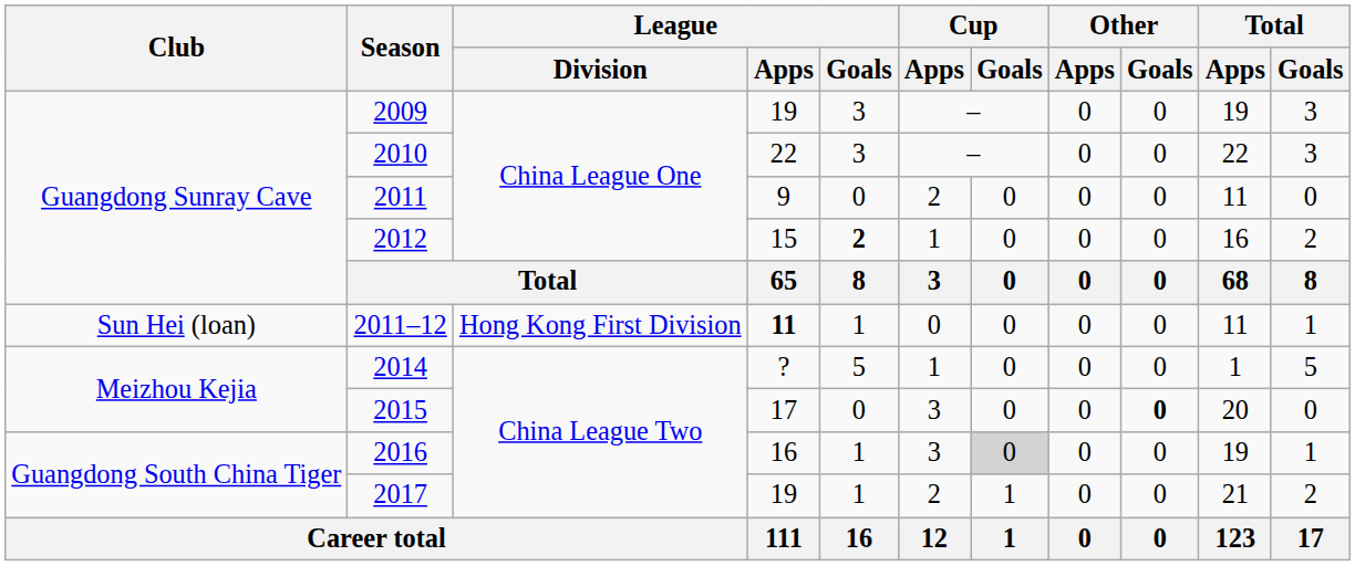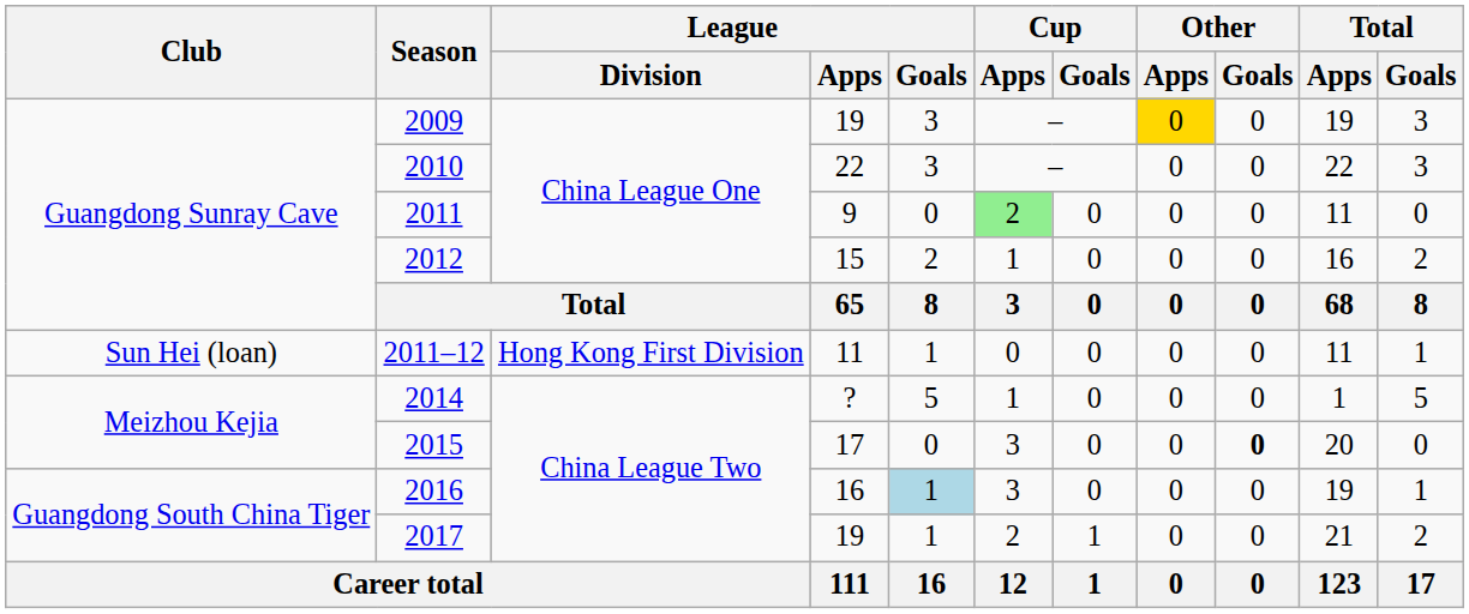 <table class="wikitable" style="text-align: center">
 <tr>
 <th rowspan="2">Club</th>
 <th rowspan="2">Season</th>
 <th colspan="3">League</th>
 <th colspan="2">Cup</th>
 <th colspan="2">Other</th>
 <th colspan="2">Total</th>
 </tr>
 <tr>
 <th>Division</th>
 <th>Apps</th>
 <th>Goals</th>
 <th>Apps</th>
 <th>Goals</th>
 <th>Apps</th>
 <th>Goals</th>
 <th>Apps</th>
 <th>Goals</th>
 </tr>
 <tr>
 <td rowspan="5"><a href='#'>Guangdong Sunray Cave</a></td>
 <td><a href='#'>2009</a></td>
 <td rowspan="4"><a href='#'>China League One</a></td>
 <td>19</td>
 <td>3</td>
 <td colspan="2">–</td>
-<td>0</td>
+<td style="background: gold;">0</td>
 <td>0</td>
 <td>19</td>
 <td>3</td>
 </tr>
 <tr>
 <td><a href='#'>2010</a></td>
 <td>22</td>
 <td>3</td>
 <td colspan="2">–</td>
 <td>0</td>
 <td>0</td>
 <td>22</td>
 <td>3</td>
 </tr>
 <tr>
 <td><a href='#'>2011</a></td>
 <td>9</td>
 <td>0</td>
-<td>2</td>
+<td style="background: lightgreen;">2</td>
 <td>0</td>
 <td>0</td>
 <td>0</td>
 <td>11</td>
 <td>0</td>
 </tr>
 <tr>
 <td><a href='#'>2012</a></td>
 <td>15</td>
-<td><strong>2</strong></td>
+<td>2</td>
 <td>1</td>
 <td>0</td>
 <td>0</td>
 <td>0</td>
 <td>16</td>
 <td>2</td>
 </tr>
 <tr>
 <th colspan=2>Total</th>
 <th>65</th>
 <th>8</th>
 <th>3</th>
 <th>0</th>
 <th>0</th>
 <th>0</th>
 <th>68</th>
 <th>8</th>
 </tr>
 <tr>
 <td><a href='#'>Sun Hei</a> (loan)</td>
 <td><a href='#'>2011–12</a></td>
 <td><a href='#'>Hong Kong First Division</a></td>
-<td><strong>11</strong></td>
+<td>11</td>
 <td>1</td>
 <td>0</td>
 <td>0</td>
 <td>0</td>
 <td>0</td>
 <td>11</td>
 <td>1</td>
 </tr>
 <tr>
 <td rowspan="2"><a href='#'>Meizhou Kejia</a></td>
 <td><a href='#'>2014</a></td>
 <td rowspan="4"><a href='#'>China League Two</a></td>
 <td>?</td>
 <td>5</td>
 <td>1</td>
 <td>0</td>
 <td>0</td>
 <td>0</td>
 <td>1</td>
 <td>5</td>
 </tr>
 <tr>
 <td><a href='#'>2015</a></td>
 <td>17</td>
 <td>0</td>
 <td>3</td>
 <td>0</td>
 <td>0</td>
 <td><strong>0</strong></td>
 <td>20</td>
 <td>0</td>
 </tr>
 <tr>
 <td rowspan="2"><a href='#'>Guangdong South China Tiger</a></td>
 <td><a href='#'>2016</a></td>
 <td>16</td>
-<td>1</td>
+<td style="background: lightblue;">1</td>
 <td>3</td>
-<td style="background: lightgrey;">0</td>
+<td>0</td>
 <td>0</td>
 <td>0</td>
 <td>19</td>
 <td>1</td>
 </tr>
 <tr>
 <td><a href='#'>2017</a></td>
 <td>19</td>
 <td>1</td>
 <td>2</td>
 <td>1</td>
 <td>0</td>
 <td>0</td>
 <td>21</td>
 <td>2</td>
 </tr>
 <tr>
 <th colspan=3>Career total</th>
 <th>111</th>
 <th>16</th>
 <th>12</th>
 <th>1</th>
 <th>0</th>
 <th>0</th>
 <th>123</th>
 <th>17</th>
 </tr>
 </table>
